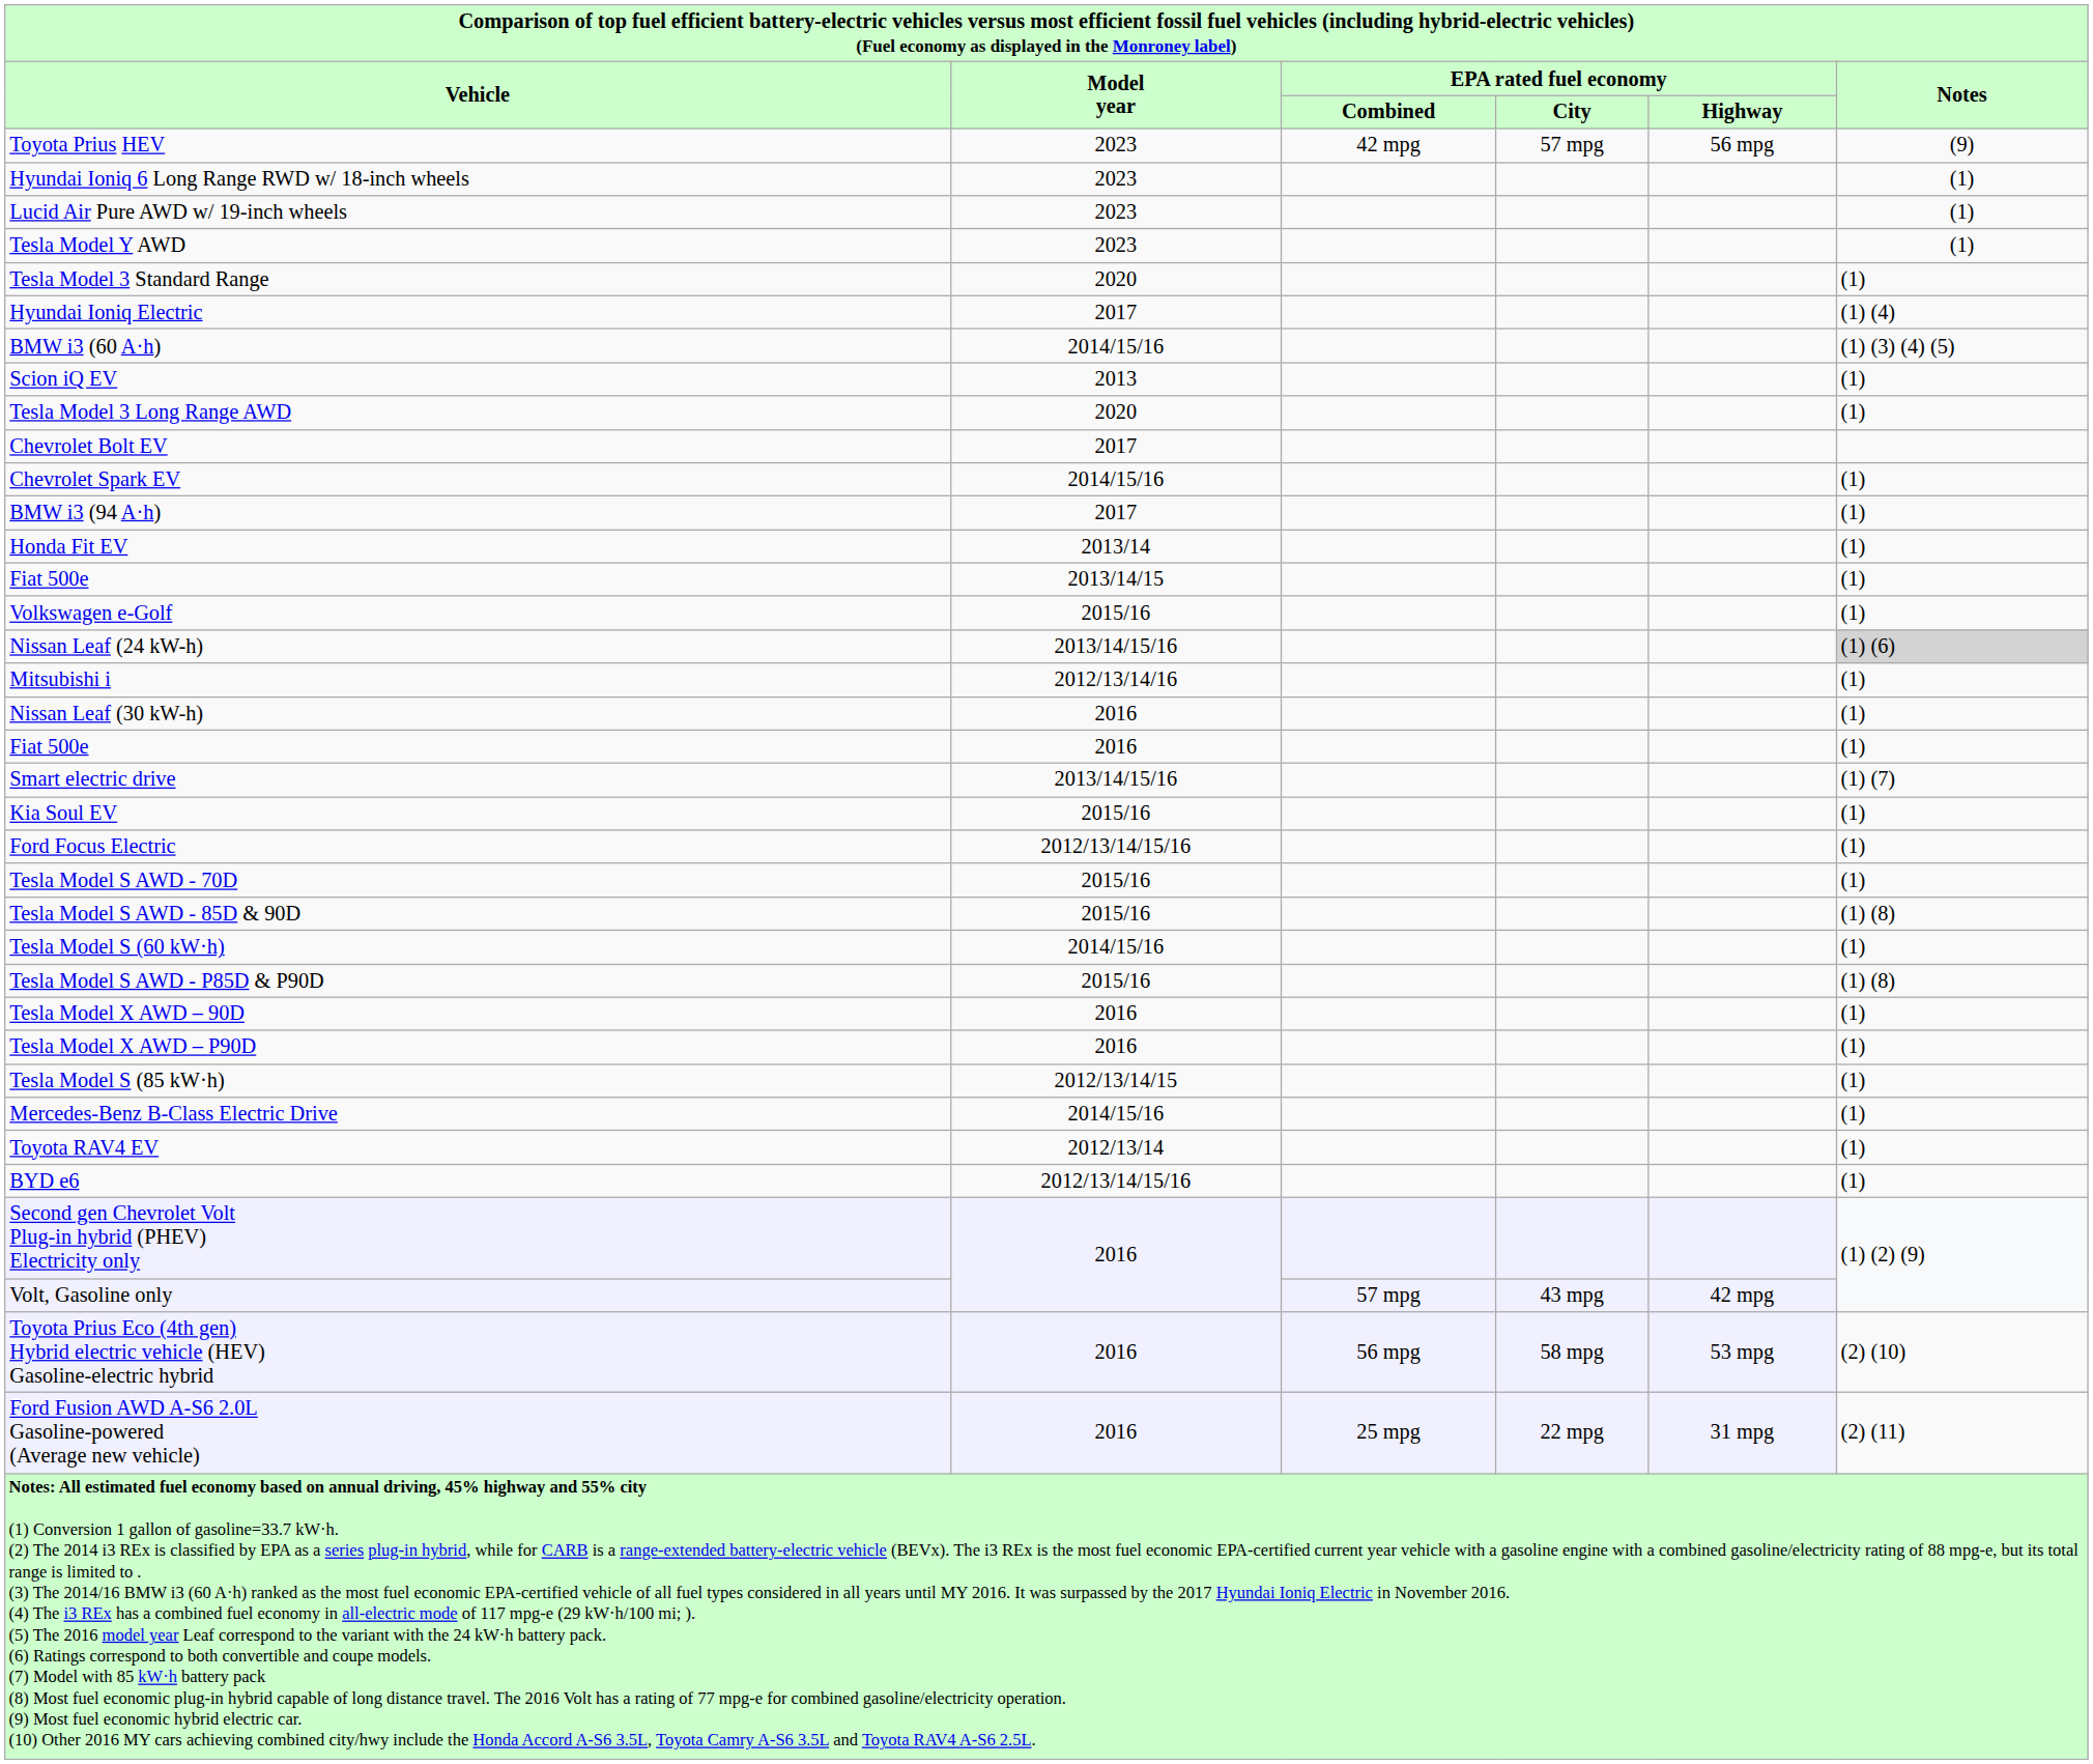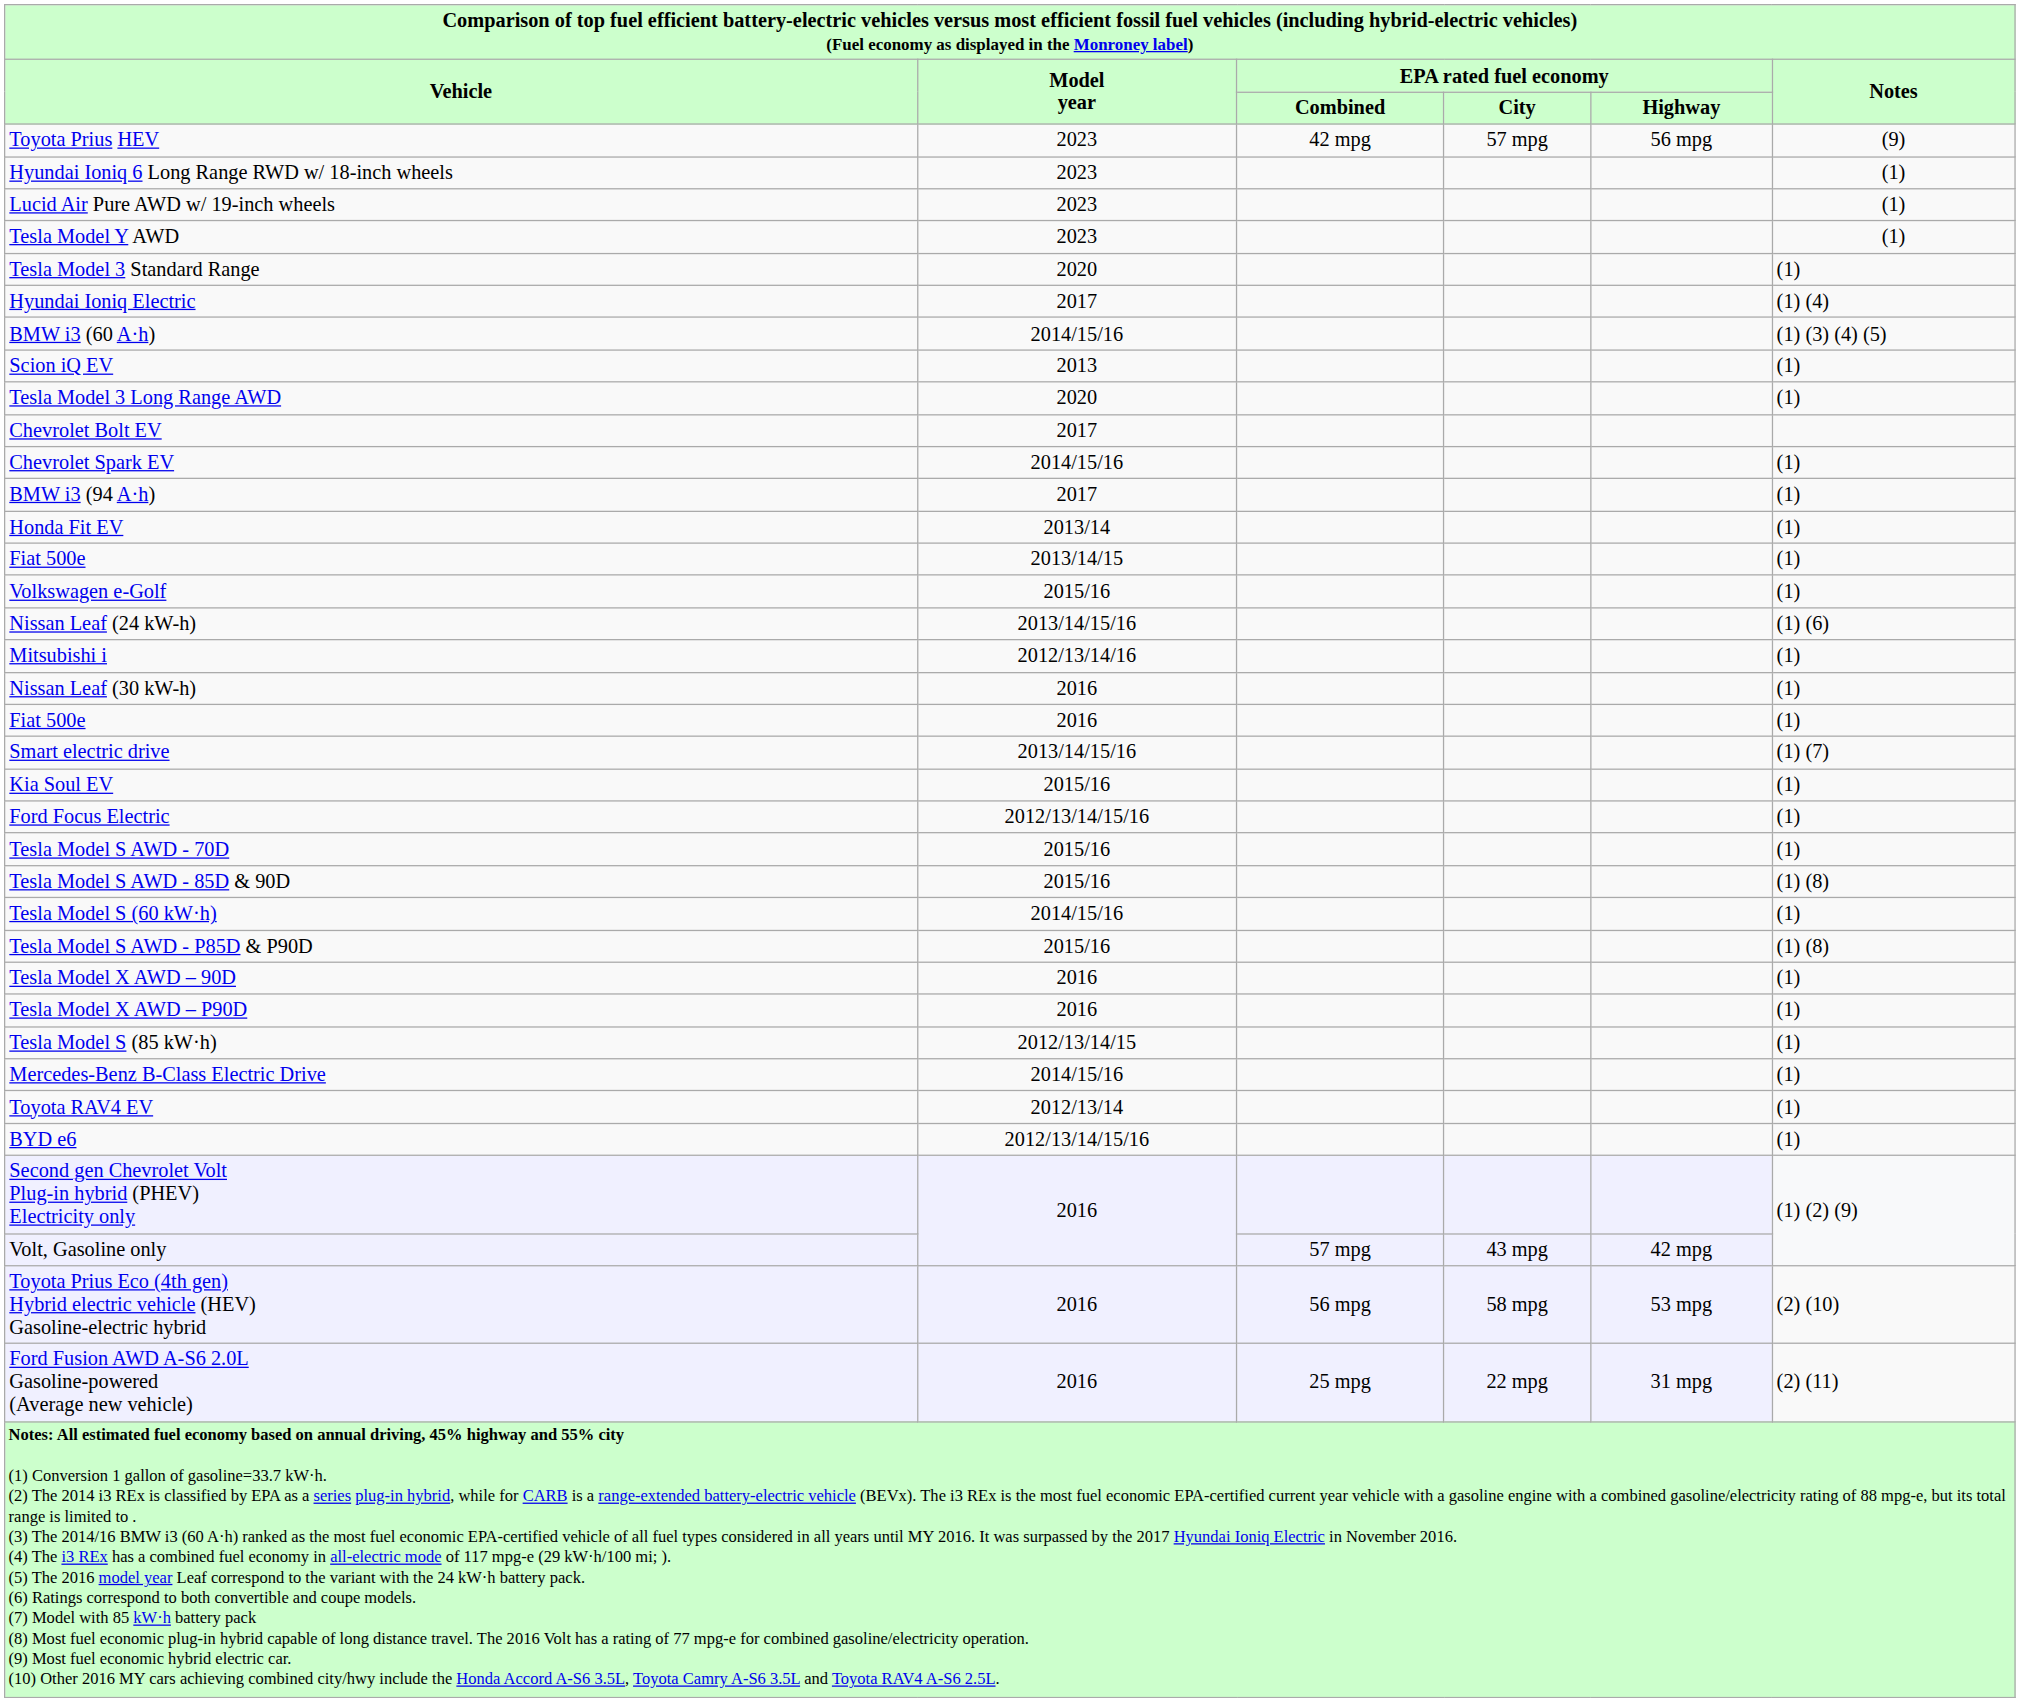 <table class="wikitable sortable" style="margin: 1em auto 1em auto;text-align:center;font-size:100%;">
 <tr>
 <th colspan="8" style="text-align:center; background:#cfc;">Comparison of top fuel efficient battery-electric vehicles versus most efficient fossil fuel vehicles (including hybrid-electric vehicles)<br><small>(Fuel economy as displayed in the <a href='#'>Monroney label</a>)</small></th>
 </tr>
 <tr>
 <th ! style="background-color:#cfc;" rowspan=2>Vehicle</th>
 <th ! style="background-color:#cfc;" rowspan=2>Model<br>year</th>
 <th ! style="background-color:#cfc;" colspan=3>EPA rated fuel economy</th>
 <th ! style="background-color:#cfc;" rowspan=2>Notes</th>
 </tr>
 <tr>
 <th ! style="background-color:#cfc;" data-sort-type="number">Combined</th>
 <th ! style="background-color:#cfc;" data-sort-type="number">City</th>
 <th ! style="background-color:#cfc;" data-sort-type="number">Highway</th>
 </tr>
 <tr>
 <td style="text-align:left;"><a href='#'>Toyota Prius</a> <a href='#'>HEV</a></td>
 <td>2023</td>
 <td>42 mpg</td>
 <td>57 mpg</td>
 <td>56 mpg</td>
 <td>(9)</td>
 </tr>
 <tr>
 <td style="text-align:left;"><a href='#'>Hyundai Ioniq 6</a> Long Range RWD w/ 18-inch wheels</td>
 <td>2023</td>
 <td></td>
 <td></td>
 <td></td>
 <td>(1)</td>
 </tr>
 <tr>
 <td style="text-align:left;"><a href='#'>Lucid Air</a> Pure AWD w/ 19-inch wheels</td>
 <td>2023</td>
 <td></td>
 <td></td>
 <td></td>
 <td>(1)</td>
 </tr>
 <tr>
 <td style="text-align:left;"><a href='#'>Tesla Model Y</a> AWD</td>
 <td>2023</td>
 <td></td>
 <td></td>
 <td></td>
 <td>(1)</td>
 </tr>
 <tr>
 <td style="text-align:left;"><a href='#'>Tesla Model 3</a> Standard Range</td>
 <td>2020</td>
 <td></td>
 <td></td>
 <td></td>
 <td style="text-align:left;">(1)</td>
 </tr>
 <tr>
 <td style="text-align:left;"><a href='#'>Hyundai Ioniq Electric</a></td>
 <td>2017</td>
 <td></td>
 <td></td>
 <td></td>
 <td style="text-align:left;">(1) (4)</td>
 </tr>
 <tr>
 <td style="text-align:left;"><a href='#'>BMW i3</a> (60 <a href='#'>A·h</a>)</td>
 <td>2014/15/16</td>
 <td></td>
 <td></td>
 <td></td>
 <td style="text-align:left;">(1) (3) (4) (5)</td>
 </tr>
 <tr>
 <td style="text-align:left;"><a href='#'>Scion iQ EV</a></td>
 <td>2013</td>
 <td></td>
 <td></td>
 <td></td>
 <td style="text-align:left;">(1)</td>
 </tr>
 <tr>
 <td style="text-align:left;"><a href='#'>Tesla Model 3 Long Range AWD</a></td>
 <td>2020</td>
 <td></td>
 <td></td>
 <td></td>
 <td style="text-align:left;">(1)</td>
 </tr>
 <tr>
 <td align=left><a href='#'>Chevrolet Bolt EV</a></td>
 <td>2017</td>
 <td></td>
 <td></td>
 <td></td>
 <td></td>
 </tr>
 <tr>
 <td style="text-align:left;"><a href='#'>Chevrolet Spark EV</a></td>
 <td>2014/15/16</td>
 <td></td>
 <td></td>
 <td></td>
 <td style="text-align:left;">(1)</td>
 </tr>
 <tr>
 <td style="text-align:left;"><a href='#'>BMW i3</a> (94 <a href='#'>A·h</a>)</td>
 <td>2017</td>
 <td></td>
 <td></td>
 <td></td>
 <td style="text-align:left;">(1)</td>
 </tr>
 <tr>
 <td style="text-align:left;"><a href='#'>Honda Fit EV</a></td>
 <td>2013/14</td>
 <td></td>
 <td></td>
 <td></td>
 <td style="text-align:left;">(1)</td>
 </tr>
 <tr>
 <td style="text-align:left;"><a href='#'>Fiat 500e</a></td>
 <td>2013/14/15</td>
 <td></td>
 <td></td>
 <td></td>
 <td style="text-align:left;">(1)</td>
 </tr>
 <tr>
 <td style="text-align:left;"><a href='#'>Volkswagen e-Golf</a></td>
 <td>2015/16</td>
 <td></td>
 <td></td>
 <td></td>
 <td style="text-align:left;">(1)</td>
 </tr>
 <tr>
 <td style="text-align:left;"><a href='#'>Nissan Leaf</a> (24 kW-h)</td>
 <td>2013/14/15/16</td>
 <td></td>
 <td></td>
 <td></td>
-<td style="background: lightgrey; text-align:left;">(1) (6)</td>
+<td style="text-align:left;">(1) (6)</td>
 </tr>
 <tr>
 <td style="text-align:left;"><a href='#'>Mitsubishi i</a></td>
 <td>2012/13/14/16</td>
 <td></td>
 <td></td>
 <td></td>
 <td style="text-align:left;">(1)</td>
 </tr>
 <tr>
 <td style="text-align:left;"><a href='#'>Nissan Leaf</a> (30 kW-h)</td>
 <td>2016</td>
 <td></td>
 <td></td>
 <td></td>
 <td style="text-align:left;">(1)</td>
 </tr>
 <tr>
 <td style="text-align:left;"><a href='#'>Fiat 500e</a></td>
 <td>2016</td>
 <td></td>
 <td></td>
 <td></td>
 <td style="text-align:left;">(1)</td>
 </tr>
 <tr>
 <td style="text-align:left;"><a href='#'>Smart electric drive</a></td>
 <td>2013/14/15/16</td>
 <td></td>
 <td></td>
 <td></td>
 <td style="text-align:left;">(1) (7)</td>
 </tr>
 <tr>
 <td style="text-align:left;"><a href='#'>Kia Soul EV</a></td>
 <td>2015/16</td>
 <td></td>
 <td></td>
 <td></td>
 <td style="text-align:left;">(1)</td>
 </tr>
 <tr>
 <td style="text-align:left;"><a href='#'>Ford Focus Electric</a></td>
 <td>2012/13/14/15/16</td>
 <td></td>
 <td></td>
 <td></td>
 <td style="text-align:left;">(1)</td>
 </tr>
 <tr>
 <td style="text-align:left;"><a href='#'>Tesla Model S AWD - 70D</a></td>
 <td>2015/16</td>
 <td></td>
 <td></td>
 <td></td>
 <td style="text-align:left;">(1)</td>
 </tr>
 <tr>
 <td style="text-align:left;"><a href='#'>Tesla Model S AWD - 85D</a> & 90D</td>
 <td>2015/16</td>
 <td></td>
 <td></td>
 <td></td>
 <td style="text-align:left;">(1) (8)</td>
 </tr>
 <tr>
 <td style="text-align:left;"><a href='#'>Tesla Model S (60 kW·h)</a></td>
 <td>2014/15/16</td>
 <td></td>
 <td></td>
 <td></td>
 <td style="text-align:left;">(1)</td>
 </tr>
 <tr>
 <td style="text-align:left;"><a href='#'>Tesla Model S AWD - P85D</a> & P90D</td>
 <td>2015/16</td>
 <td></td>
 <td></td>
 <td></td>
 <td style="text-align:left;">(1) (8)</td>
 </tr>
 <tr>
 <td style="text-align:left;"><a href='#'>Tesla Model X AWD – 90D</a></td>
 <td>2016</td>
 <td></td>
 <td></td>
 <td></td>
 <td style="text-align:left;">(1)</td>
 </tr>
 <tr>
 <td style="text-align:left;"><a href='#'>Tesla Model X AWD – P90D</a></td>
 <td>2016</td>
 <td></td>
 <td></td>
 <td></td>
 <td style="text-align:left;">(1)</td>
 </tr>
 <tr>
 <td style="text-align:left;"><a href='#'>Tesla Model S</a> (85 kW·h)</td>
 <td>2012/13/14/15</td>
 <td></td>
 <td></td>
 <td></td>
 <td style="text-align:left;">(1)</td>
 </tr>
 <tr>
 <td style="text-align:left;"><a href='#'>Mercedes-Benz B-Class Electric Drive</a></td>
 <td>2014/15/16</td>
 <td></td>
 <td></td>
 <td></td>
 <td style="text-align:left;">(1)</td>
 </tr>
 <tr>
 <td style="text-align:left;"><a href='#'>Toyota RAV4 EV</a></td>
 <td>2012/13/14</td>
 <td></td>
 <td></td>
 <td></td>
 <td style="text-align:left;">(1)</td>
 </tr>
 <tr>
 <td style="text-align:left;"><a href='#'>BYD e6</a></td>
 <td>2012/13/14/15/16</td>
 <td></td>
 <td></td>
 <td></td>
 <td style="text-align:left;">(1)</td>
 </tr>
 <tr style="background:#f0f0ff;">
 <td style="text-align:left;"><a href='#'>Second gen Chevrolet Volt</a><br><a href='#'>Plug-in hybrid</a> (PHEV)<br> <a href='#'>Electricity only</a></td>
 <td rowspan=2>2016</td>
 <td></td>
 <td></td>
 <td></td>
 <td rowspan=2 style="text-align:left;background:#F8F9FA;">(1) (2) (9)</td>
 </tr>
 <tr style="background:#f0f0ff;">
 <td style="text-align:left;">Volt, Gasoline only</td>
 <td>57 mpg</td>
 <td>43 mpg</td>
 <td>42 mpg</td>
 </tr>
 <tr>
 <td style="text-align:left;background:#f0f0ff;"><a href='#'>Toyota Prius Eco (4th gen)</a> <br> <a href='#'>Hybrid electric vehicle</a> (HEV)<br> Gasoline-electric hybrid</td>
 <td style="background:#f0f0ff;">2016</td>
 <td style="background:#f0f0ff;">56 mpg</td>
 <td style="background:#f0f0ff;">58 mpg</td>
 <td style="background:#f0f0ff;">53 mpg</td>
 <td style="text-align:left;">(2) (10)</td>
 </tr>
 <tr>
 <td style="text-align:left;background:#f0f0ff;"><a href='#'>Ford Fusion AWD A-S6 2.0L</a><br>Gasoline-powered<br>(Average new vehicle)</td>
 <td style="background:#f0f0ff;">2016</td>
 <td style="background:#f0f0ff;">25 mpg</td>
 <td style="background:#f0f0ff;">22 mpg</td>
 <td style="background:#f0f0ff;">31 mpg</td>
 <td style="text-align:left;">(2) (11)</td>
 </tr>
 <tr>
 <th colspan="8" style="text-align:left; background:#cfc; font-weight: normal; font-size: small; padding-bottom: 6px;"><strong>Notes: All estimated fuel economy based on  annual driving, 45% highway and 55% city</strong><br><br>(1) Conversion 1 gallon of gasoline=33.7 kW·h.<br> (2) The 2014 i3 REx is classified by EPA as a <a href='#'>series</a> <a href='#'>plug-in hybrid</a>, while for <a href='#'>CARB</a> is a <a href='#'>range-extended battery-electric vehicle</a> (BEVx). The i3 REx is the most fuel economic EPA-certified current year vehicle with a gasoline engine with a combined gasoline/electricity rating of 88 mpg-e, but its total range is limited to .<br> (3) The 2014/16 BMW i3 (60 A·h) ranked as the most fuel economic EPA-certified vehicle of all fuel types considered in all years until MY 2016. It was surpassed by the 2017 <a href='#'>Hyundai Ioniq Electric</a> in November 2016.<br> (4) The <a href='#'>i3 REx</a> has a combined fuel economy in <a href='#'>all-electric mode</a> of 117 mpg-e (29 kW·h/100 mi; ).<br> (5) The 2016 <a href='#'>model year</a> Leaf correspond to the variant with the 24 kW·h battery pack.<br> (6) Ratings correspond to both convertible and coupe models.<br> (7) Model with 85 <a href='#'>kW·h</a> battery pack<br> (8) Most fuel economic plug-in hybrid capable of long distance travel. The 2016 Volt has a rating of 77 mpg-e for combined gasoline/electricity operation.<br> (9) Most fuel economic hybrid electric car.<br> (10) Other 2016 MY cars achieving  combined city/hwy include the <a href='#'>Honda Accord A-S6 3.5L</a>, <a href='#'>Toyota Camry A-S6 3.5L</a> and <a href='#'>Toyota RAV4 A-S6 2.5L</a>.</th>
 </tr>
 </table>
